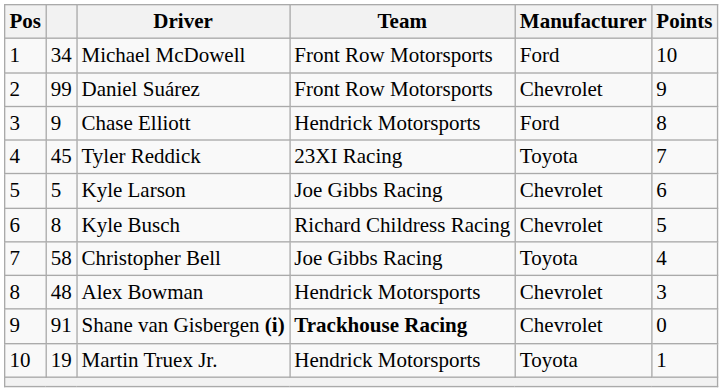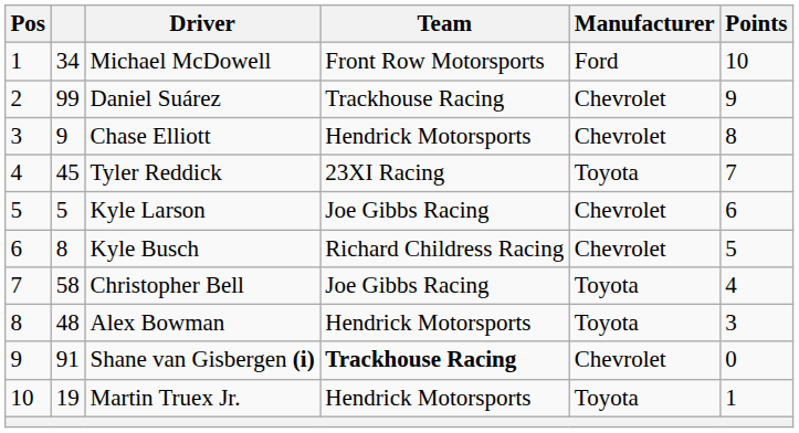 <table class="wikitable" style="font-size:98%">
 <tr>
 <th>Pos</th>
 <th></th>
 <th>Driver</th>
 <th>Team</th>
 <th>Manufacturer</th>
 <th>Points</th>
 </tr>
 <tr>
 <td>1</td>
 <td>34</td>
 <td>Michael McDowell</td>
 <td>Front Row Motorsports</td>
 <td>Ford</td>
 <td>10</td>
 </tr>
 <tr>
 <td>2</td>
 <td>99</td>
 <td>Daniel Suárez</td>
-<td>Front Row Motorsports</td>
+<td>Trackhouse Racing</td>
 <td>Chevrolet</td>
 <td>9</td>
 </tr>
 <tr>
 <td>3</td>
 <td>9</td>
 <td>Chase Elliott</td>
 <td>Hendrick Motorsports</td>
-<td>Ford</td>
+<td>Chevrolet</td>
 <td>8</td>
 </tr>
 <tr>
 <td>4</td>
 <td>45</td>
 <td>Tyler Reddick</td>
 <td>23XI Racing</td>
 <td>Toyota</td>
 <td>7</td>
 </tr>
 <tr>
 <td>5</td>
 <td>5</td>
 <td>Kyle Larson</td>
 <td>Joe Gibbs Racing</td>
 <td>Chevrolet</td>
 <td>6</td>
 </tr>
 <tr>
 <td>6</td>
 <td>8</td>
 <td>Kyle Busch</td>
 <td>Richard Childress Racing</td>
 <td>Chevrolet</td>
 <td>5</td>
 </tr>
 <tr>
 <td>7</td>
 <td>58</td>
 <td>Christopher Bell</td>
 <td>Joe Gibbs Racing</td>
 <td>Toyota</td>
 <td>4</td>
 </tr>
 <tr>
 <td>8</td>
 <td>48</td>
 <td>Alex Bowman</td>
 <td>Hendrick Motorsports</td>
-<td>Chevrolet</td>
+<td>Toyota</td>
 <td>3</td>
 </tr>
 <tr>
 <td>9</td>
 <td>91</td>
 <td>Shane van Gisbergen <strong>(i)</strong></td>
 <td><strong>Trackhouse Racing</strong></td>
 <td>Chevrolet</td>
 <td>0</td>
 </tr>
 <tr>
 <td>10</td>
 <td>19</td>
 <td>Martin Truex Jr.</td>
 <td>Hendrick Motorsports</td>
 <td>Toyota</td>
 <td>1</td>
 </tr>
 <tr>
 <th colspan="6"></th>
 </tr>
 </table>
